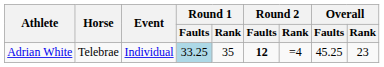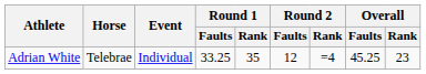 <table class=wikitable style="font-size:90%">
 <tr>
 <th rowspan="2">Athlete</th>
 <th rowspan="2">Horse</th>
 <th rowspan="2">Event</th>
 <th colspan="2">Round 1</th>
 <th colspan="2">Round 2</th>
 <th colspan="2">Overall</th>
 </tr>
 <tr style="font-size:95%">
 <th>Faults</th>
 <th>Rank</th>
 <th>Faults</th>
 <th>Rank</th>
 <th>Faults</th>
 <th>Rank</th>
 </tr>
 <tr align=center>
 <td align=left><a href='#'>Adrian White</a></td>
 <td align=left>Telebrae</td>
 <td align=left><a href='#'>Individual</a></td>
-<td style="background: lightblue;">33.25</td>
+<td>33.25</td>
 <td>35</td>
-<td><strong>12</strong></td>
+<td>12</td>
 <td>=4</td>
 <td>45.25</td>
 <td>23</td>
 </tr>
 </table>
